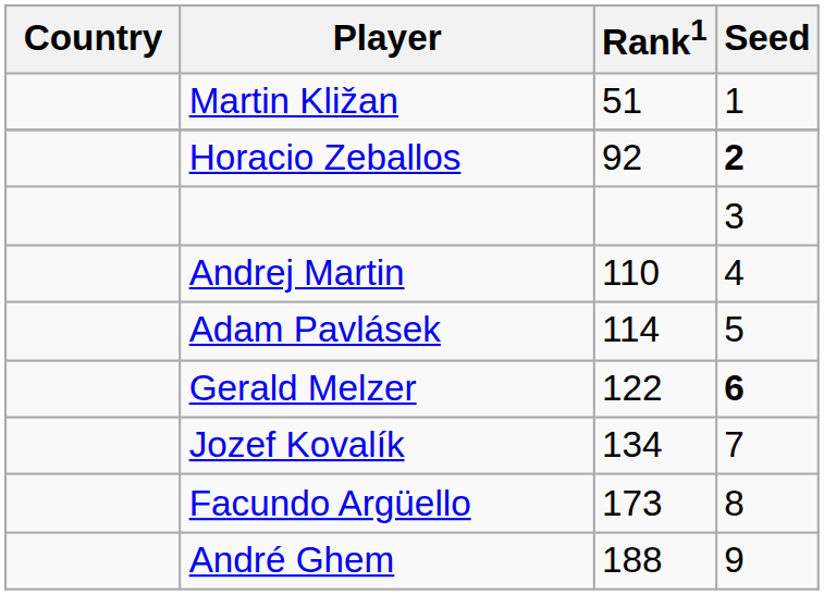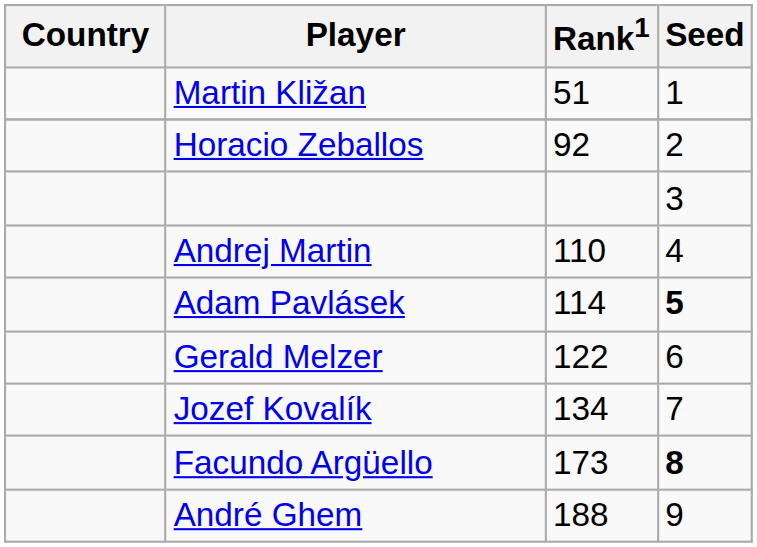 <table class="sortable wikitable">
 <tr>
 <th width="70">Country</th>
 <th width="175">Player</th>
 <th>Rank<sup>1</sup></th>
 <th>Seed</th>
 </tr>
 <tr>
 <td></td>
 <td><a href='#'>Martin Kližan</a></td>
 <td>51</td>
 <td>1</td>
 </tr>
 <tr>
 </tr>
 <tr>
 <td></td>
 <td><a href='#'>Horacio Zeballos</a></td>
 <td>92</td>
-<td><strong>2</strong></td>
+<td>2</td>
 </tr>
 <tr>
 <td></td>
 <td></td>
 <td></td>
 <td>3</td>
 </tr>
 <tr>
 <td></td>
 <td><a href='#'>Andrej Martin</a></td>
 <td>110</td>
 <td>4</td>
 </tr>
 <tr>
 <td></td>
 <td><a href='#'>Adam Pavlásek</a></td>
 <td>114</td>
-<td>5</td>
+<td><strong>5</strong></td>
 </tr>
 <tr>
 <td></td>
 <td><a href='#'>Gerald Melzer</a></td>
 <td>122</td>
-<td><strong>6</strong></td>
+<td>6</td>
 </tr>
 <tr>
 <td></td>
 <td><a href='#'>Jozef Kovalík</a></td>
 <td>134</td>
 <td>7</td>
 </tr>
 <tr>
 <td></td>
 <td><a href='#'>Facundo Argüello</a></td>
 <td>173</td>
-<td>8</td>
+<td><strong>8</strong></td>
 </tr>
 <tr>
 <td></td>
 <td><a href='#'>André Ghem</a></td>
 <td>188</td>
 <td>9</td>
 </tr>
 </table>
